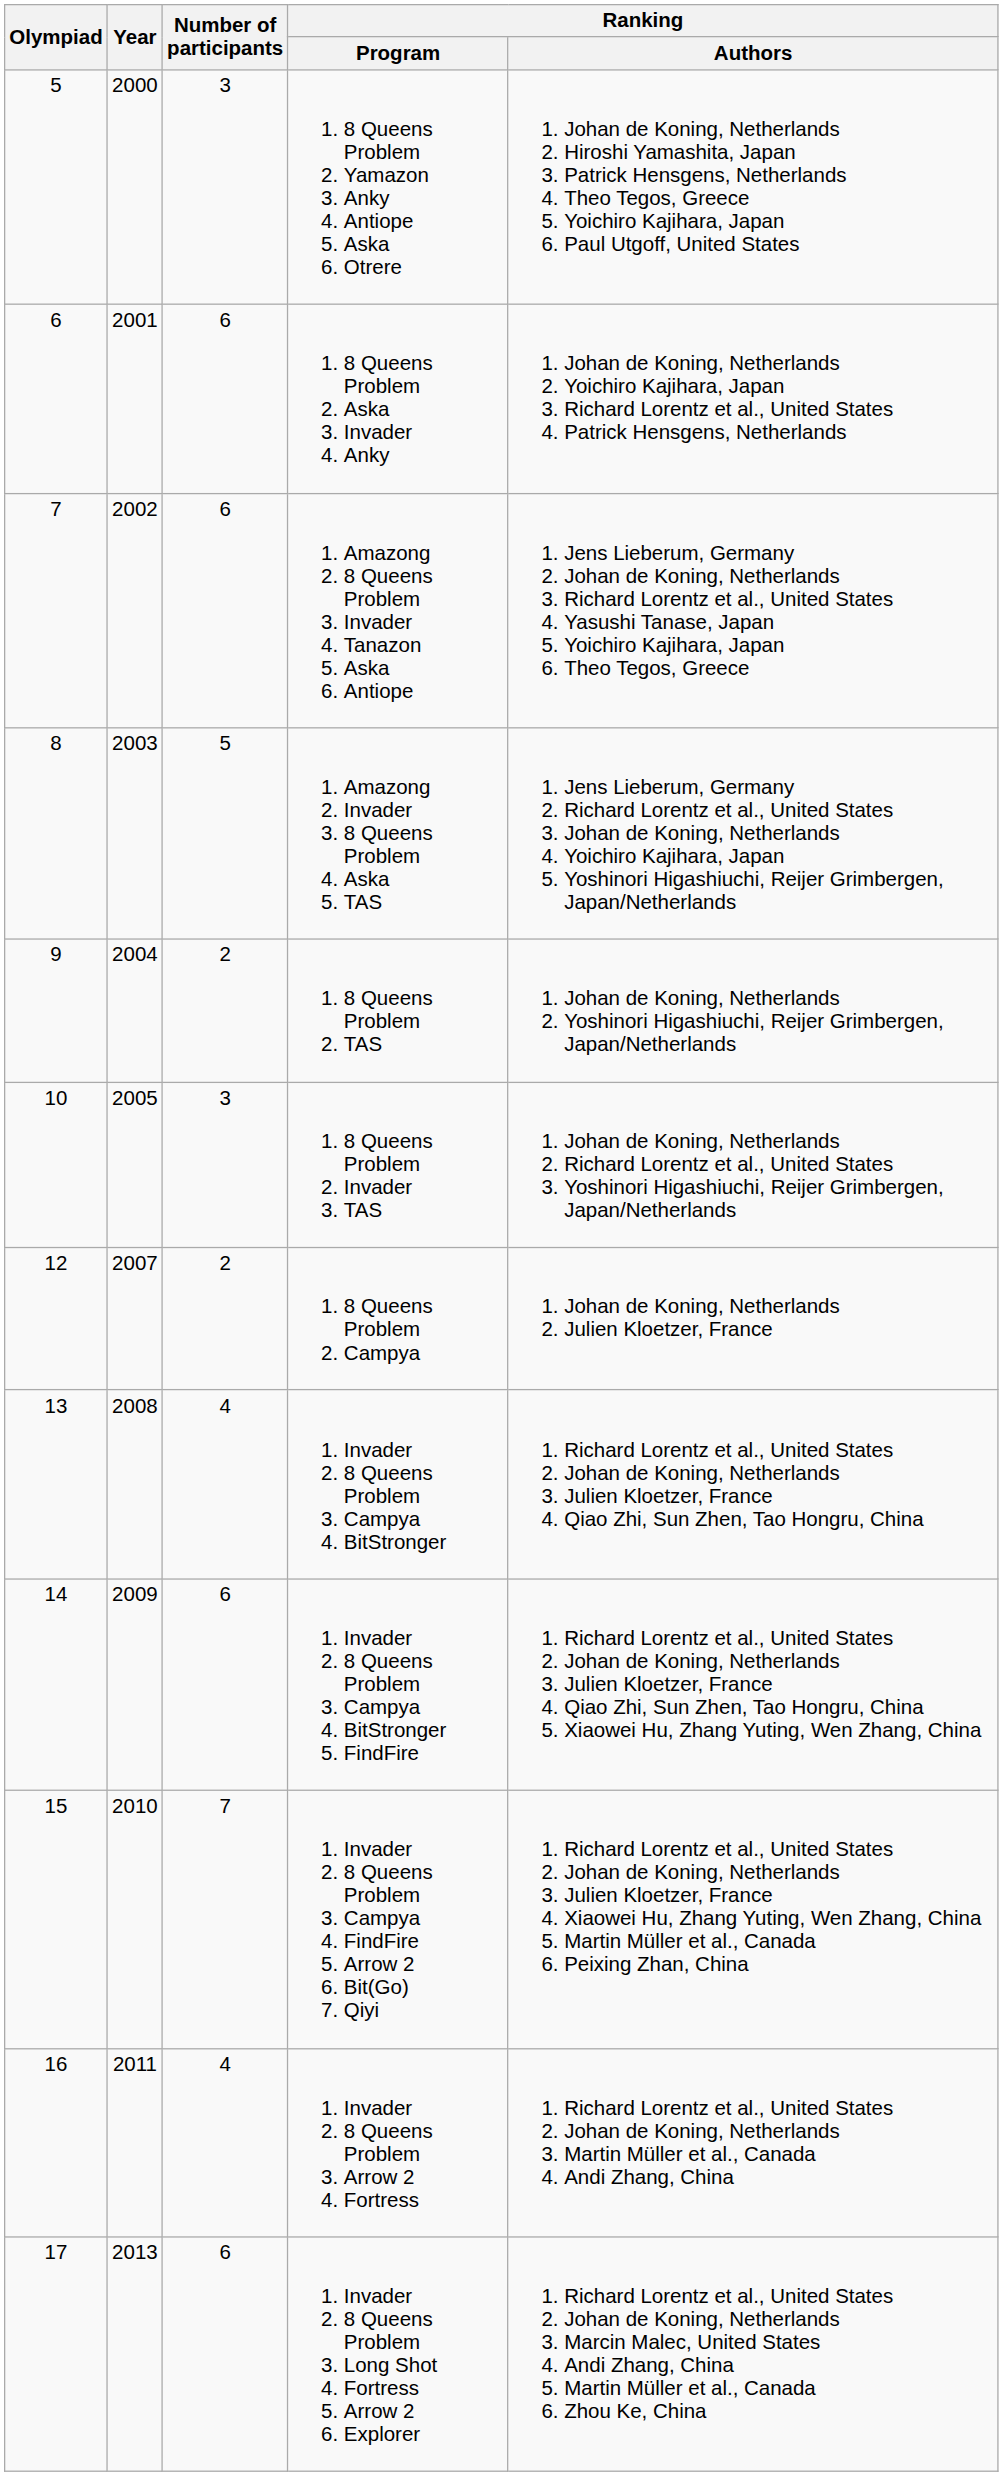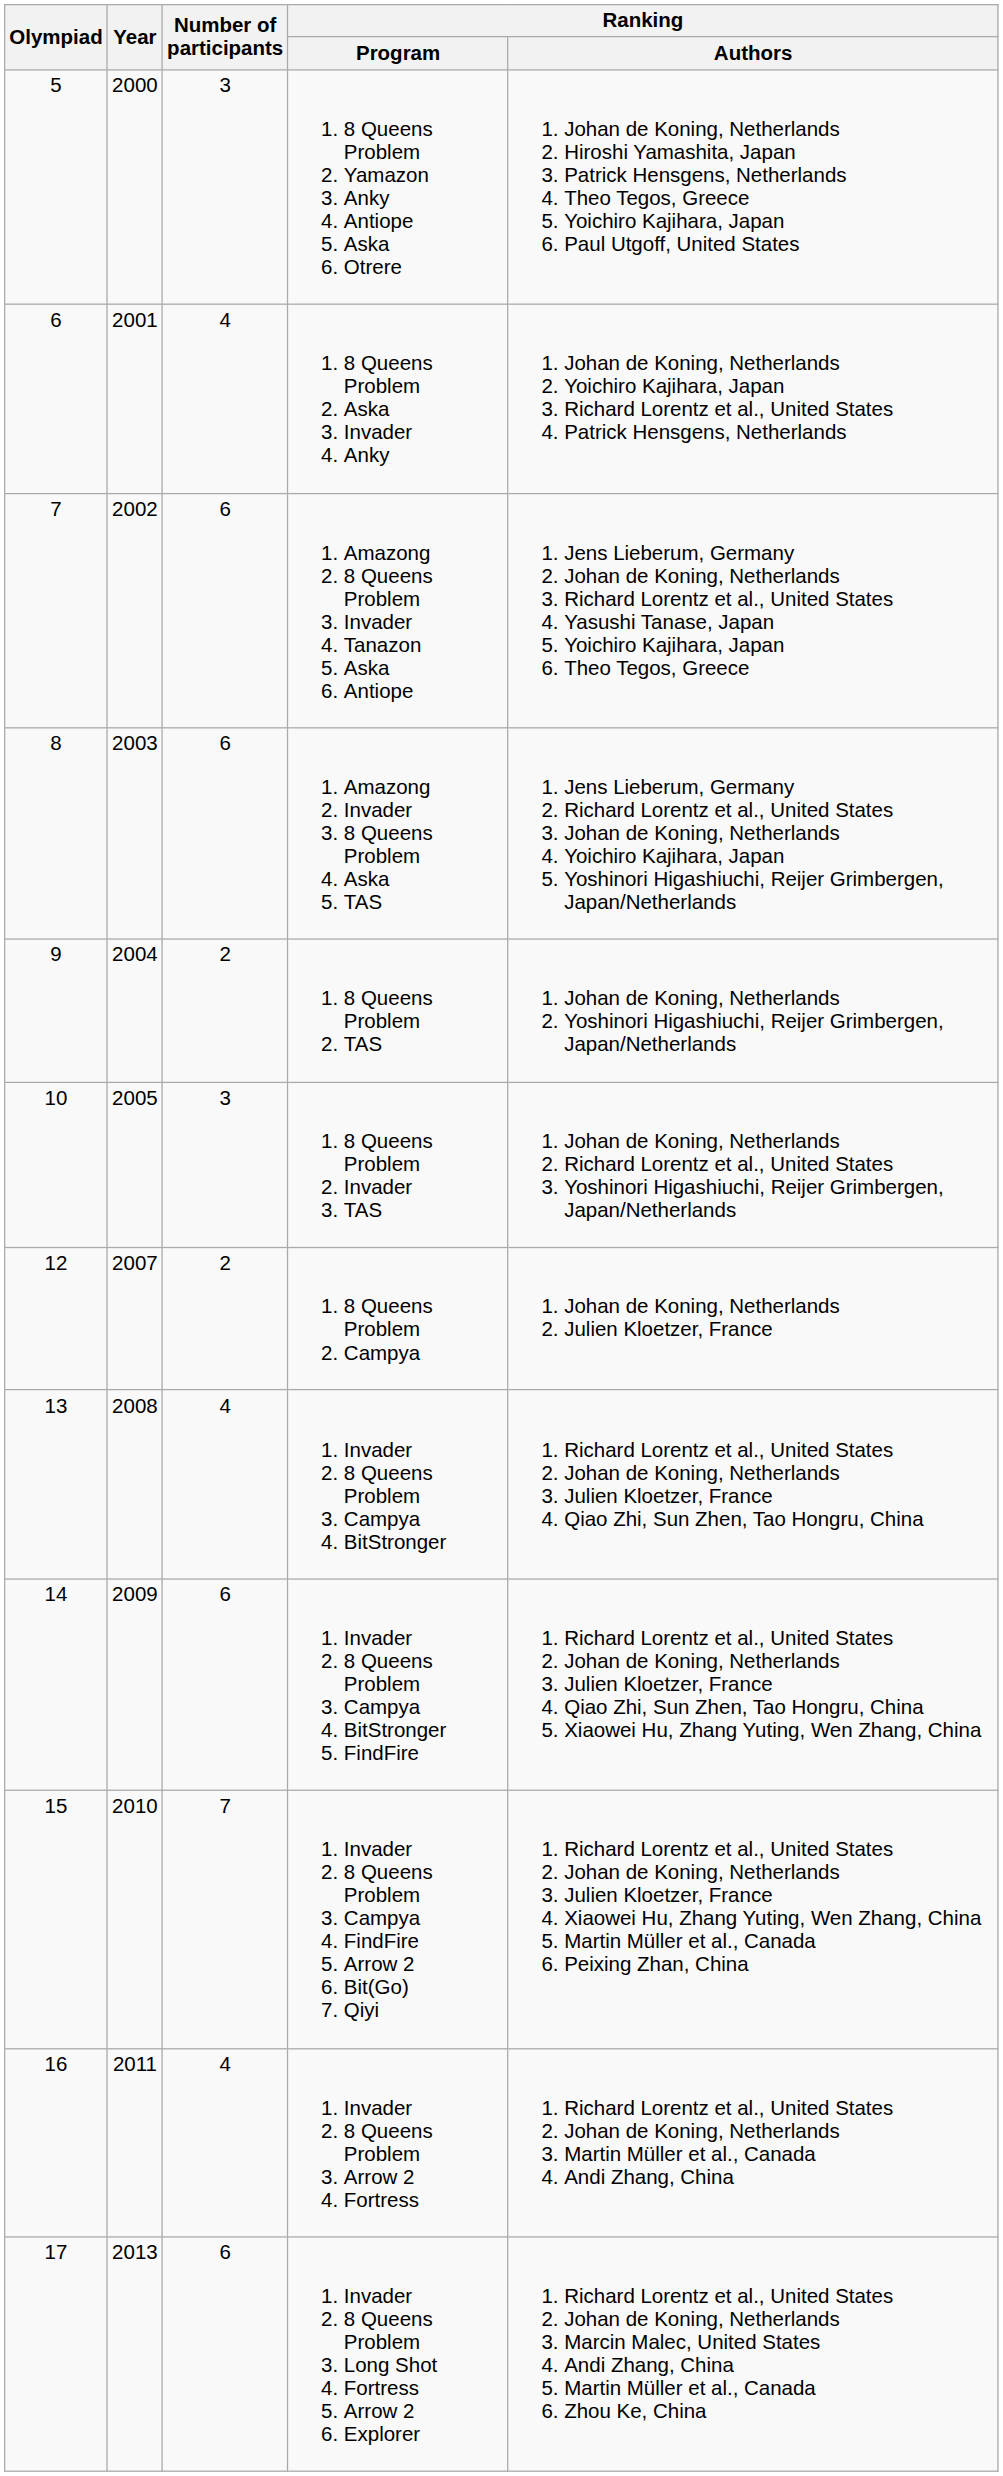 <table class="wikitable" style="width: 777px;">
 <tr align="center">
 <th rowspan=2>Olympiad</th>
 <th rowspan=2>Year</th>
 <th rowspan=2>Number of<br>participants</th>
 <th colspan=2>Ranking</th>
 </tr>
 <tr align="center">
 <th>Program</th>
 <th>Authors</th>
 </tr>
 <tr align="center" valign="top">
 <td style="width: 60px;">5</td>
 <td style="width: 30px;">2000</td>
 <td style="width: 80px;">3</td>
 <td style="width: 177px;" align="left"><br><ol><li>8 Queens Problem</li><li>Yamazon</li><li>Anky</li><li>Antiope</li><li>Aska</li><li>Otrere</li></ol></td>
 <td style="width: 430px;" align=left><br><ol><li>Johan de Koning, Netherlands</li><li>Hiroshi Yamashita, Japan</li><li>Patrick Hensgens, Netherlands</li><li>Theo Tegos, Greece</li><li>Yoichiro Kajihara, Japan</li><li>Paul Utgoff, United States</li></ol></td>
 </tr>
 <tr align="center" valign="top">
 <td>6</td>
 <td>2001</td>
-<td>6</td>
+<td>4</td>
 <td align="left"><br><ol><li>8 Queens Problem</li><li>Aska</li><li>Invader</li><li>Anky</li></ol></td>
 <td align=left><br><ol><li>Johan de Koning, Netherlands</li><li>Yoichiro Kajihara, Japan</li><li>Richard Lorentz et al., United States</li><li>Patrick Hensgens, Netherlands</li></ol></td>
 </tr>
 <tr align="center" valign="top">
 <td>7</td>
 <td>2002</td>
 <td>6</td>
 <td align="left"><br><ol><li>Amazong</li><li>8 Queens Problem</li><li>Invader</li><li>Tanazon</li><li>Aska</li><li>Antiope</li></ol></td>
 <td align=left><br><ol><li>Jens Lieberum, Germany</li><li>Johan de Koning, Netherlands</li><li>Richard Lorentz et al., United States</li><li>Yasushi Tanase, Japan</li><li>Yoichiro Kajihara, Japan</li><li>Theo Tegos, Greece</li></ol></td>
 </tr>
 <tr align="center" valign="top">
 <td>8</td>
 <td>2003</td>
-<td>5</td>
+<td>6</td>
 <td align="left"><br><ol><li>Amazong</li><li>Invader</li><li>8 Queens Problem</li><li>Aska</li><li>TAS</li></ol></td>
 <td align=left><br><ol><li>Jens Lieberum, Germany</li><li>Richard Lorentz et al., United States</li><li>Johan de Koning, Netherlands</li><li>Yoichiro Kajihara, Japan</li><li>Yoshinori Higashiuchi, Reijer Grimbergen, Japan/Netherlands</li></ol></td>
 </tr>
 <tr align="center" valign="top">
 <td>9</td>
 <td>2004</td>
 <td>2</td>
 <td align="left"><br><ol><li>8 Queens Problem</li><li>TAS</li></ol></td>
 <td align=left><br><ol><li>Johan de Koning, Netherlands</li><li>Yoshinori Higashiuchi, Reijer Grimbergen, Japan/Netherlands</li></ol></td>
 </tr>
 <tr align="center" valign="top">
 <td>10</td>
 <td>2005</td>
 <td>3</td>
 <td align="left"><br><ol><li>8 Queens Problem</li><li>Invader</li><li>TAS</li></ol></td>
 <td align=left><br><ol><li>Johan de Koning, Netherlands</li><li>Richard Lorentz et al., United States</li><li>Yoshinori Higashiuchi, Reijer Grimbergen, Japan/Netherlands</li></ol></td>
 </tr>
 <tr align="center" valign="top">
 <td>12</td>
 <td>2007</td>
 <td>2</td>
 <td align="left"><br><ol><li>8 Queens Problem</li><li>Campya</li></ol></td>
 <td align=left><br><ol><li>Johan de Koning, Netherlands</li><li>Julien Kloetzer, France</li></ol></td>
 </tr>
 <tr align="center" valign="top">
 <td>13</td>
 <td>2008</td>
 <td>4</td>
 <td align="left"><br><ol><li>Invader</li><li>8 Queens Problem</li><li>Campya</li><li>BitStronger</li></ol></td>
 <td align=left><br><ol><li>Richard Lorentz et al., United States</li><li>Johan de Koning, Netherlands</li><li>Julien Kloetzer, France</li><li>Qiao Zhi, Sun Zhen, Tao Hongru, China</li></ol></td>
 </tr>
 <tr align="center" valign="top">
 <td>14</td>
 <td>2009</td>
 <td>6</td>
 <td align="left"><br><ol><li>Invader</li><li>8 Queens Problem</li><li>Campya</li><li>BitStronger</li><li>FindFire</li></ol></td>
 <td align=left><br><ol><li>Richard Lorentz et al., United States</li><li>Johan de Koning, Netherlands</li><li>Julien Kloetzer, France</li><li>Qiao Zhi, Sun Zhen, Tao Hongru, China</li><li>Xiaowei Hu, Zhang Yuting, Wen Zhang, China</li></ol></td>
 </tr>
 <tr align="center" valign="top">
 <td>15</td>
 <td>2010</td>
 <td>7</td>
 <td align="left"><br><ol><li>Invader</li><li>8 Queens Problem</li><li>Campya</li><li>FindFire</li><li>Arrow 2</li><li>Bit(Go)</li><li>Qiyi</li></ol></td>
 <td align=left><br><ol><li>Richard Lorentz et al., United States</li><li>Johan de Koning, Netherlands</li><li>Julien Kloetzer, France</li><li>Xiaowei Hu, Zhang Yuting, Wen Zhang, China</li><li>Martin Müller et al., Canada</li><li>Peixing Zhan, China</li></ol></td>
 </tr>
 <tr align="center" valign="top">
 <td>16</td>
 <td>2011</td>
 <td>4</td>
 <td align="left"><br><ol><li>Invader</li><li>8 Queens Problem</li><li>Arrow 2</li><li>Fortress</li></ol></td>
 <td align=left><br><ol><li>Richard Lorentz et al., United States</li><li>Johan de Koning, Netherlands</li><li>Martin Müller et al., Canada</li><li>Andi Zhang, China</li></ol></td>
 </tr>
 <tr align="center" valign="top">
 <td>17</td>
 <td>2013</td>
 <td>6</td>
 <td align="left"><br><ol><li>Invader</li><li>8 Queens Problem</li><li>Long Shot</li><li>Fortress</li><li>Arrow 2</li><li>Explorer</li></ol></td>
 <td align=left><br><ol><li>Richard Lorentz et al., United States</li><li>Johan de Koning, Netherlands</li><li>Marcin Malec, United States</li><li>Andi Zhang, China</li><li>Martin Müller et al., Canada</li><li>Zhou Ke, China</li></ol></td>
 </tr>
 </table>
